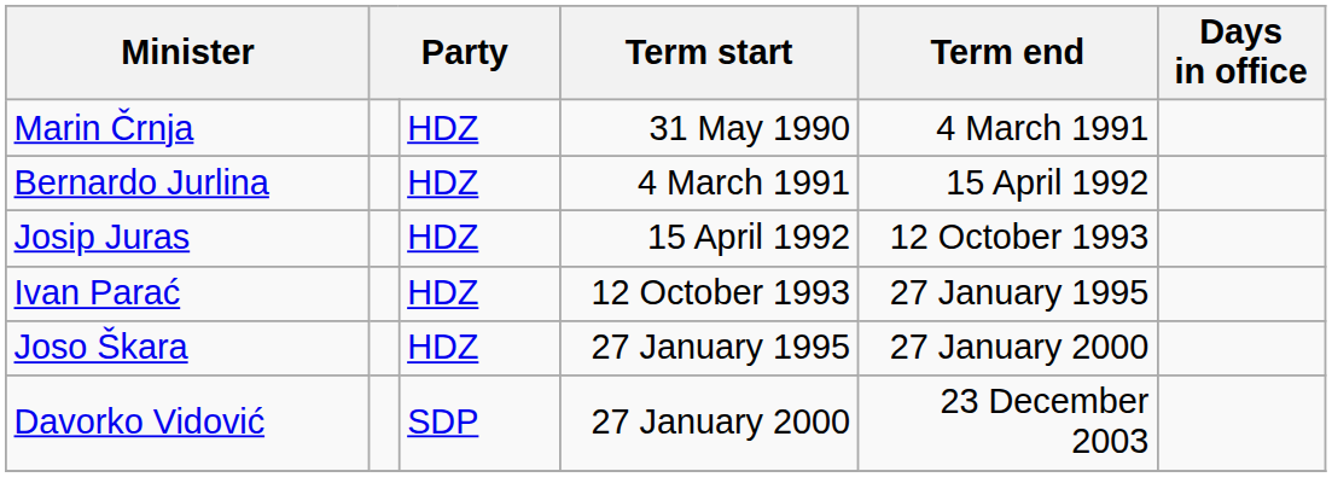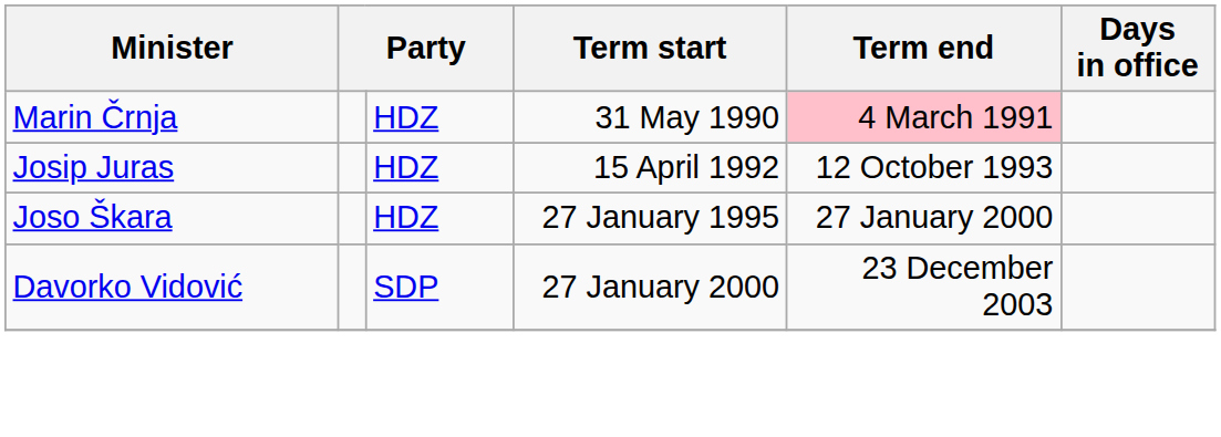 <table class="wikitable" style="text-align: left;">
 <tr>
 <th width="160">Minister</th>
 <th colspan=2 width="80">Party</th>
 <th width="130">Term start</th>
 <th width="130">Term end</th>
 <th width=70>Days<br> in office</th>
 </tr>
 <tr>
 <td><a href='#'>Marin Črnja</a> </td>
 <td style="background-color: "></td>
 <td><a href='#'>HDZ</a></td>
 <td align=right>31 May 1990</td>
-<td align=right>4 March 1991</td>
-<td align=right></td>
-</tr>
-<tr>
-<td><a href='#'>Bernardo Jurlina</a> </td>
-<td style="background-color: "></td>
-<td><a href='#'>HDZ</a></td>
-<td align=right>4 March 1991</td>
-<td align=right>15 April 1992</td>
+<td align=right style="background: pink;">4 March 1991</td>
 <td align=right></td>
 </tr>
 <tr>
 <td><a href='#'>Josip Juras</a> </td>
 <td style="background-color: "></td>
 <td><a href='#'>HDZ</a></td>
 <td align=right>15 April 1992</td>
 <td align=right>12 October 1993</td>
-<td align=right></td>
-</tr>
-<tr>
-<td><a href='#'>Ivan Parać</a> </td>
-<td style="background-color: "></td>
-<td><a href='#'>HDZ</a></td>
-<td align=right>12 October 1993</td>
-<td align=right>27 January 1995</td>
 <td align=right></td>
 </tr>
 <tr>
 <td><a href='#'>Joso Škara</a> </td>
 <td style="background-color: "></td>
 <td><a href='#'>HDZ</a></td>
 <td align=right>27 January 1995</td>
 <td align=right>27 January 2000</td>
 <td align=right></td>
 </tr>
 <tr>
 <td><a href='#'>Davorko Vidović</a> </td>
 <td style="background-color: "></td>
 <td><a href='#'>SDP</a></td>
 <td align=right>27 January 2000</td>
 <td align=right>23 December 2003</td>
 <td align=right></td>
 </tr>
 <tr>
 </tr>
 </table>
